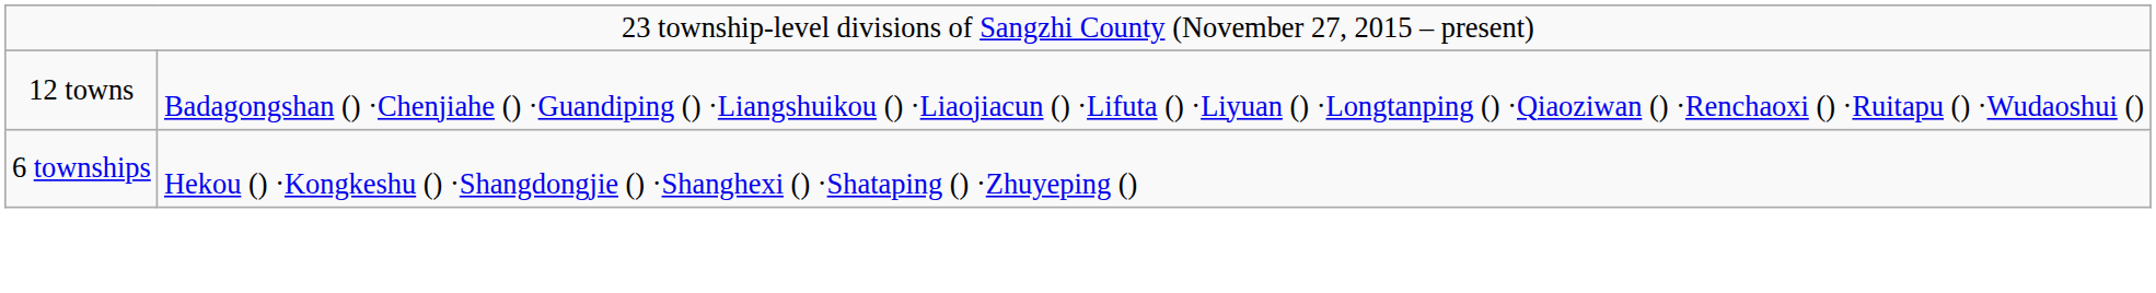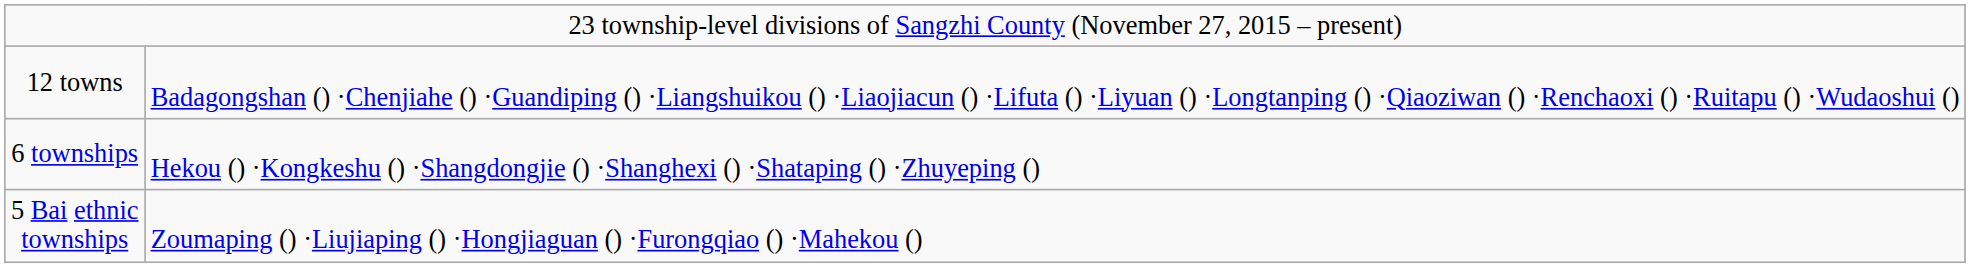 <table class="wikitable">
 <tr>
 <td style="text-align:center;" colspan="2">23 township-level divisions of <a href='#'>Sangzhi County</a> (November 27, 2015 – present)</td>
 </tr>
 <tr align=left>
 <td align=center>12 towns</td>
 <td><br><a href='#'>Badagongshan</a> () ·<a href='#'>Chenjiahe</a> () ·<a href='#'>Guandiping</a> () ·<a href='#'>Liangshuikou</a> () ·<a href='#'>Liaojiacun</a> () ·<a href='#'>Lifuta</a> () ·<a href='#'>Liyuan</a> () ·<a href='#'>Longtanping</a> () ·<a href='#'>Qiaoziwan</a> () ·<a href='#'>Renchaoxi</a> () ·<a href='#'>Ruitapu</a> () ·<a href='#'>Wudaoshui</a> ()</td>
 </tr>
 <tr align=left>
 <td align=center>6 <a href='#'>townships</a></td>
 <td><br><a href='#'>Hekou</a> () ·<a href='#'>Kongkeshu</a> () ·<a href='#'>Shangdongjie</a> () ·<a href='#'>Shanghexi</a> () ·<a href='#'>Shataping</a> () ·<a href='#'>Zhuyeping</a> ()</td>
 </tr>
+<tr align=left>
+<td align=center>5 <a href='#'>Bai</a> <a href='#'>ethnic<br>townships</a></td>
+<td><br><a href='#'>Zoumaping</a> () ·<a href='#'>Liujiaping</a> () ·<a href='#'>Hongjiaguan</a> () ·<a href='#'>Furongqiao</a> () ·<a href='#'>Mahekou</a> ()</td>
+</tr>
 </table>
